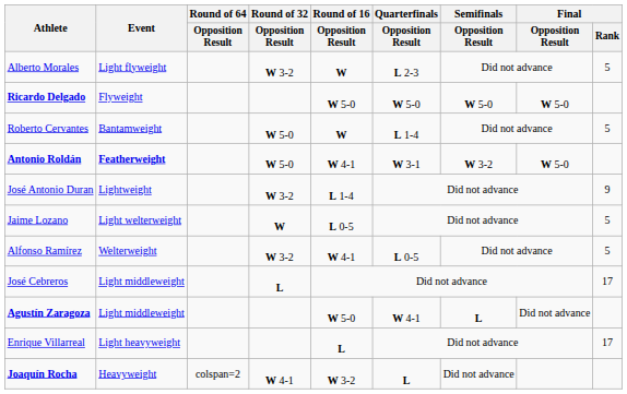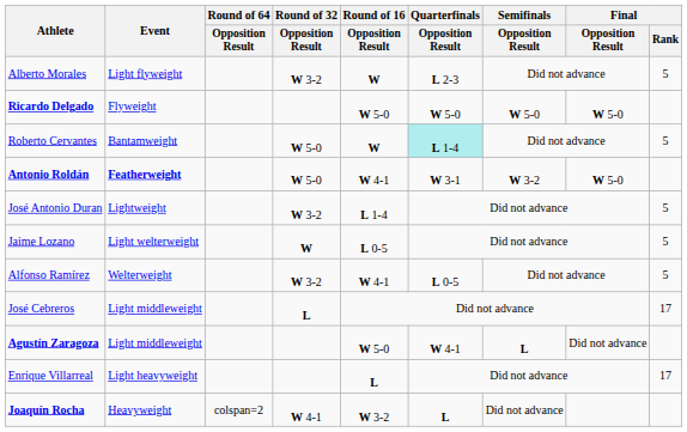 <table class="wikitable" style="font-size:90%">
 <tr>
 <th rowspan="2">Athlete</th>
 <th rowspan="2">Event</th>
 <th>Round of 64</th>
 <th>Round of 32</th>
 <th>Round of 16</th>
 <th>Quarterfinals</th>
 <th>Semifinals</th>
 <th colspan=2>Final</th>
 </tr>
 <tr style="font-size:95%">
 <th>Opposition<br>Result</th>
 <th>Opposition<br>Result</th>
 <th>Opposition<br>Result</th>
 <th>Opposition<br>Result</th>
 <th>Opposition<br>Result</th>
 <th>Opposition<br>Result</th>
 <th>Rank</th>
 </tr>
 <tr align=center>
 <td align=left><a href='#'>Alberto Morales</a></td>
 <td align=left><a href='#'>Light flyweight</a></td>
 <td></td>
 <td><br><strong>W</strong> 3-2</td>
 <td><br><strong>W</strong> </td>
 <td><br><strong>L</strong> 2-3</td>
 <td colspan=2>Did not advance</td>
 <td>5</td>
 </tr>
 <tr align=center>
 <td align=left><strong><a href='#'>Ricardo Delgado</a></strong></td>
 <td align=left><a href='#'>Flyweight</a></td>
 <td></td>
 <td></td>
 <td><br><strong>W</strong> 5-0</td>
 <td><br><strong>W</strong> 5-0</td>
 <td><br><strong>W</strong> 5-0</td>
 <td><br><strong>W</strong> 5-0</td>
 <td></td>
 </tr>
 <tr align=center>
 <td align=left><a href='#'>Roberto Cervantes</a></td>
 <td align=left><a href='#'>Bantamweight</a></td>
 <td></td>
 <td><br><strong>W</strong> 5-0</td>
 <td><br><strong>W</strong> </td>
-<td><br><strong>L</strong> 1-4</td>
+<td style="background: paleturquoise;"><br><strong>L</strong> 1-4</td>
 <td colspan=2>Did not advance</td>
 <td>5</td>
 </tr>
 <tr align=center>
 <td align=left><strong><a href='#'>Antonio Roldán</a></strong></td>
 <td align=left><strong><a href='#'>Featherweight</a></strong></td>
 <td></td>
 <td><br><strong>W</strong> 5-0</td>
 <td><br><strong>W</strong> 4-1</td>
 <td><br><strong>W</strong> 3-1</td>
 <td><br><strong>W</strong> 3-2</td>
 <td><br><strong>W</strong> 5-0</td>
 <td></td>
 </tr>
 <tr align=center>
 <td align=left><a href='#'>José Antonio Duran</a></td>
 <td align=left><a href='#'>Lightweight</a></td>
 <td></td>
 <td><br><strong>W</strong> 3-2</td>
 <td><br><strong>L</strong> 1-4</td>
 <td colspan=3>Did not advance</td>
-<td>9</td>
+<td>5</td>
 </tr>
 <tr align=center>
 <td align=left><a href='#'>Jaime Lozano</a></td>
 <td align=left><a href='#'>Light welterweight</a></td>
 <td></td>
 <td><br><strong>W</strong> </td>
 <td><br><strong>L</strong> 0-5</td>
 <td colspan=3>Did not advance</td>
 <td>5</td>
 </tr>
 <tr align=center>
 <td align=left><a href='#'>Alfonso Ramírez</a></td>
 <td align=left><a href='#'>Welterweight</a></td>
 <td></td>
 <td><br><strong>W</strong> 3-2</td>
 <td><br><strong>W</strong> 4-1</td>
 <td><br><strong>L</strong> 0-5</td>
 <td colspan=2>Did not advance</td>
 <td>5</td>
 </tr>
 <tr align=center>
 <td align=left><a href='#'>José Cebreros</a></td>
 <td align=left><a href='#'>Light middleweight</a></td>
 <td></td>
 <td><br><strong>L</strong> </td>
 <td colspan=4>Did not advance</td>
 <td>17</td>
 </tr>
 <tr align=center>
 <td align=left><strong><a href='#'>Agustín Zaragoza</a></strong></td>
 <td align=left><a href='#'>Light middleweight</a></td>
 <td></td>
 <td></td>
 <td><br><strong>W</strong> 5-0</td>
 <td><br><strong>W</strong> 4-1</td>
 <td><br><strong>L</strong> </td>
 <td>Did not advance</td>
 <td></td>
 </tr>
 <tr align=center>
 <td align=left><a href='#'>Enrique Villarreal</a></td>
 <td align=left><a href='#'>Light heavyweight</a></td>
 <td></td>
 <td></td>
 <td><br><strong>L</strong> </td>
 <td colspan=3>Did not advance</td>
 <td>17</td>
 </tr>
 <tr align=center>
 <td align=left><strong><a href='#'>Joaquín Rocha</a></strong></td>
 <td align=left><a href='#'>Heavyweight</a></td>
 <td>colspan=2 </td>
 <td><br><strong>W</strong> 4-1</td>
 <td><br><strong>W</strong> 3-2</td>
 <td><br><strong>L</strong> </td>
 <td>Did not advance</td>
 <td></td>
 </tr>
 </table>
